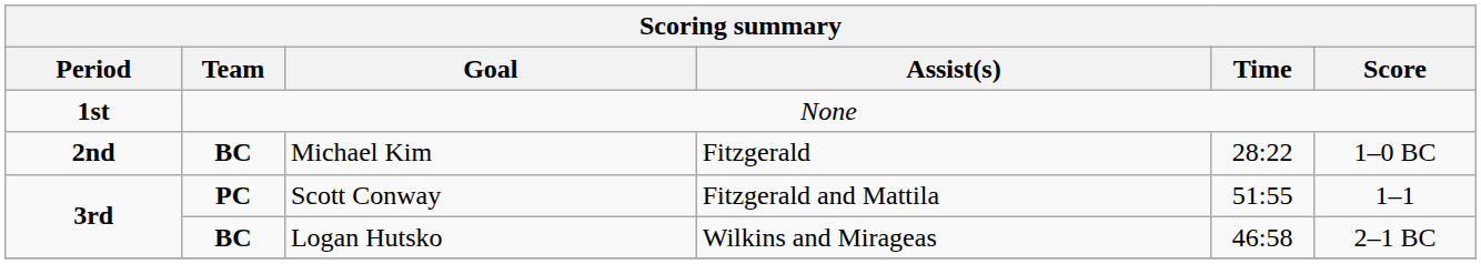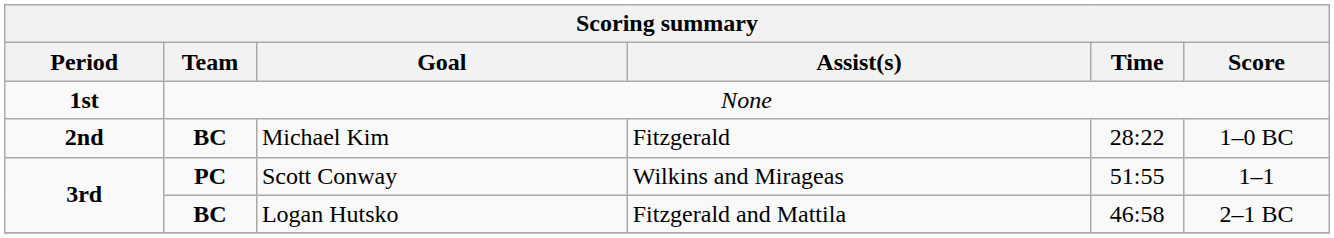 <table style="width:100%;" class="wikitable">
 <tr>
 <th colspan=6>Scoring summary</th>
 </tr>
 <tr>
 <th style="width:12%;">Period</th>
 <th style="width:7%;">Team</th>
 <th style="width:28%;">Goal</th>
 <th style="width:35%;">Assist(s)</th>
 <th style="width:7%;">Time</th>
 <th style="width:11%;">Score</th>
 </tr>
 <tr>
 <td style="text-align:center;" rowspan="1"><strong>1st</strong></td>
 <td style="text-align:center;" colspan="5"><em>None</em></td>
 </tr>
 <tr>
 <td style="text-align:center;" rowspan="1"><strong>2nd</strong></td>
 <td align=center><strong>BC</strong></td>
 <td>Michael Kim</td>
 <td>Fitzgerald</td>
 <td align=center>28:22</td>
 <td align=center>1–0 BC</td>
 </tr>
 <tr>
 <td style="text-align:center;" rowspan="2"><strong>3rd</strong></td>
 <td align=center><strong>PC</strong></td>
 <td>Scott Conway</td>
-<td>Fitzgerald and Mattila</td>
+<td>Wilkins and Mirageas</td>
 <td align=center>51:55</td>
 <td align=center>1–1</td>
 </tr>
 <tr>
 <td align=center><strong>BC</strong></td>
 <td>Logan Hutsko</td>
-<td>Wilkins and Mirageas</td>
+<td>Fitzgerald and Mattila</td>
 <td align=center>46:58</td>
 <td align=center>2–1 BC</td>
 </tr>
 <tr>
 </tr>
 </table>
